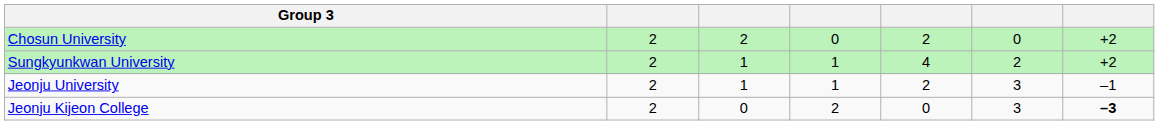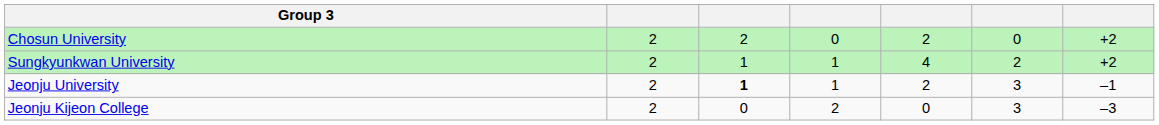 <table class="wikitable" style="text-align:center; width:100%;">
 <tr>
 <th width=240>Group 3</th>
 <th width=30></th>
 <th width=30></th>
 <th width=30></th>
 <th width=30></th>
 <th width=30></th>
 <th width=30></th>
 </tr>
 <tr bgcolor=#BBF3BB>
 <td align=left><a href='#'>Chosun University</a></td>
 <td>2</td>
 <td>2</td>
 <td>0</td>
 <td>2</td>
 <td>0</td>
 <td>+2</td>
 </tr>
 <tr bgcolor=#BBF3BB>
 <td align=left><a href='#'>Sungkyunkwan University</a></td>
 <td>2</td>
 <td>1</td>
 <td>1</td>
 <td>4</td>
 <td>2</td>
 <td>+2</td>
 </tr>
 <tr>
 <td align=left><a href='#'>Jeonju University</a></td>
 <td>2</td>
-<td>1</td>
+<td><strong>1</strong></td>
 <td>1</td>
 <td>2</td>
 <td>3</td>
 <td>–1</td>
 </tr>
 <tr>
 <td align=left><a href='#'>Jeonju Kijeon College</a></td>
 <td>2</td>
 <td>0</td>
 <td>2</td>
 <td>0</td>
 <td>3</td>
-<td><strong>–3</strong></td>
+<td>–3</td>
 </tr>
 </table>
